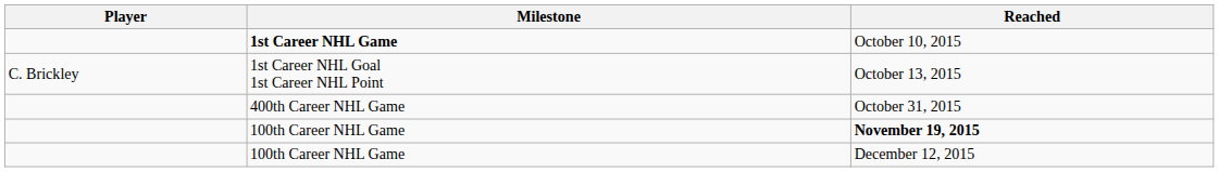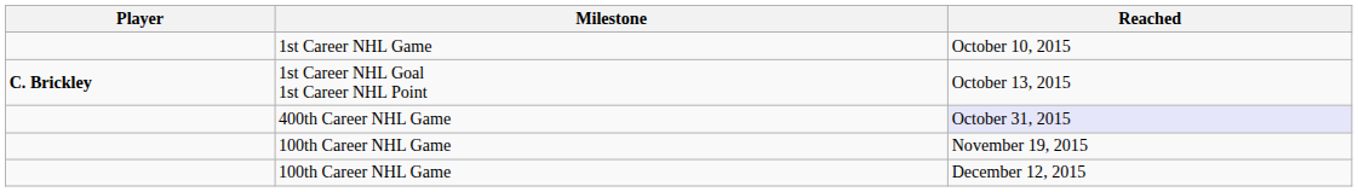 <table class="wikitable sortable" style="width:100%;">
 <tr align=center>
 <th style="width:20%;">Player</th>
 <th style="width:50%;">Milestone</th>
 <th style="width:30%;" data-sort-type="date">Reached</th>
 </tr>
 <tr>
 <td></td>
-<td><strong>1st Career NHL Game</strong></td>
+<td>1st Career NHL Game</td>
 <td>October 10, 2015</td>
 </tr>
 <tr>
-<td>C. Brickley</td>
+<td><strong>C. Brickley</strong></td>
 <td>1st Career NHL Goal<br>1st Career NHL Point</td>
 <td>October 13, 2015</td>
 </tr>
 <tr>
 <td></td>
 <td>400th Career NHL Game</td>
-<td>October 31, 2015</td>
+<td style="background: lavender;">October 31, 2015</td>
 </tr>
 <tr>
 <td></td>
 <td>100th Career NHL Game</td>
-<td><strong>November 19, 2015</strong></td>
+<td>November 19, 2015</td>
 </tr>
 <tr>
 <td></td>
 <td>100th Career NHL Game</td>
 <td>December 12, 2015</td>
 </tr>
 </table>
